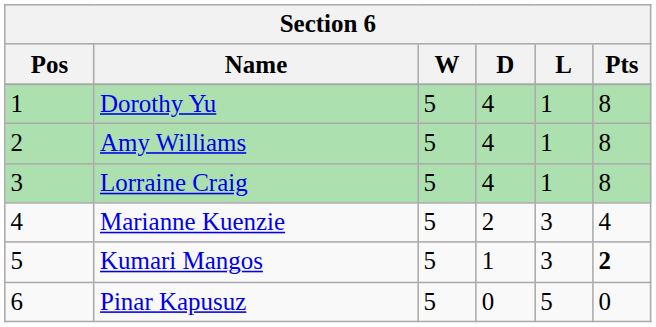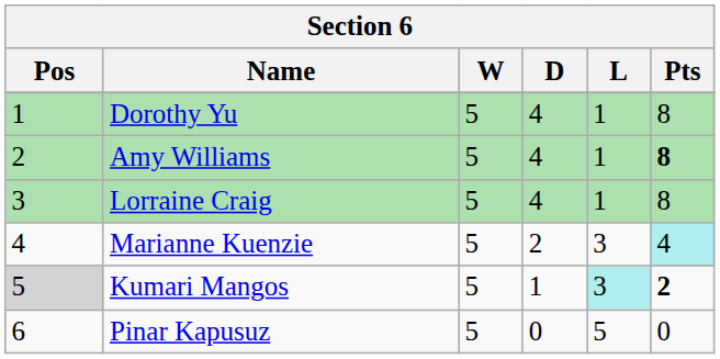 <table class="wikitable">
 <tr>
 <th colspan="6">Section 6</th>
 </tr>
 <tr>
 <th width=50>Pos</th>
 <th width=200>Name</th>
 <th width=30>W</th>
 <th width=30>D</th>
 <th width=30>L</th>
 <th width=30>Pts</th>
 </tr>
 <tr>
 </tr>
 <tr style="background:#ACE1AF;">
 <td>1</td>
 <td> <a href='#'>Dorothy Yu</a></td>
 <td>5</td>
 <td>4</td>
 <td>1</td>
 <td>8</td>
 </tr>
 <tr style="background:#ACE1AF;">
 <td>2</td>
 <td> <a href='#'>Amy Williams</a></td>
 <td>5</td>
 <td>4</td>
 <td>1</td>
-<td>8</td>
+<td><strong>8</strong></td>
 </tr>
 <tr style="background:#ACE1AF;">
 <td>3</td>
 <td> <a href='#'>Lorraine Craig</a></td>
 <td>5</td>
 <td>4</td>
 <td>1</td>
 <td>8</td>
 </tr>
 <tr>
 <td>4</td>
 <td> <a href='#'>Marianne Kuenzie</a></td>
 <td>5</td>
 <td>2</td>
 <td>3</td>
-<td>4</td>
+<td style="background: paleturquoise;">4</td>
 </tr>
 <tr>
-<td>5</td>
+<td style="background: lightgrey;">5</td>
 <td> <a href='#'>Kumari Mangos</a></td>
 <td>5</td>
 <td>1</td>
-<td>3</td>
+<td style="background: paleturquoise;">3</td>
 <td><strong>2</strong></td>
 </tr>
 <tr>
 <td>6</td>
 <td> <a href='#'>Pinar Kapusuz</a></td>
 <td>5</td>
 <td>0</td>
 <td>5</td>
 <td>0</td>
 </tr>
 </table>
